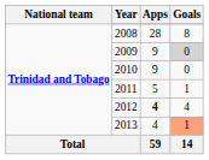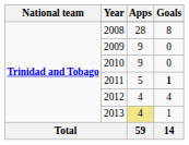 <table class="wikitable" style="font-size:90%; text-align: center">
 <tr>
 <th>National team</th>
 <th>Year</th>
 <th>Apps</th>
 <th>Goals</th>
 </tr>
 <tr>
 <td rowspan="7"><strong><a href='#'>Trinidad and Tobago</a></strong></td>
 </tr>
 <tr>
 <td>2008</td>
 <td>28</td>
 <td>8</td>
 </tr>
 <tr>
 <td>2009</td>
 <td>9</td>
-<td style="background: lightgrey;">0</td>
+<td>0</td>
 </tr>
 <tr>
 <td>2010</td>
 <td>9</td>
 <td>0</td>
 </tr>
 <tr>
 <td>2011</td>
 <td>5</td>
-<td>1</td>
+<td><strong>1</strong></td>
 </tr>
 <tr>
 <td>2012</td>
-<td><strong>4</strong></td>
+<td>4</td>
 <td>4</td>
 </tr>
 <tr>
 <td>2013</td>
-<td>4</td>
-<td style="background: lightsalmon;">1</td>
+<td style="background: khaki;">4</td>
+<td>1</td>
 </tr>
 <tr>
 <th colspan=2>Total</th>
 <th>59</th>
 <th>14</th>
 </tr>
 </table>
